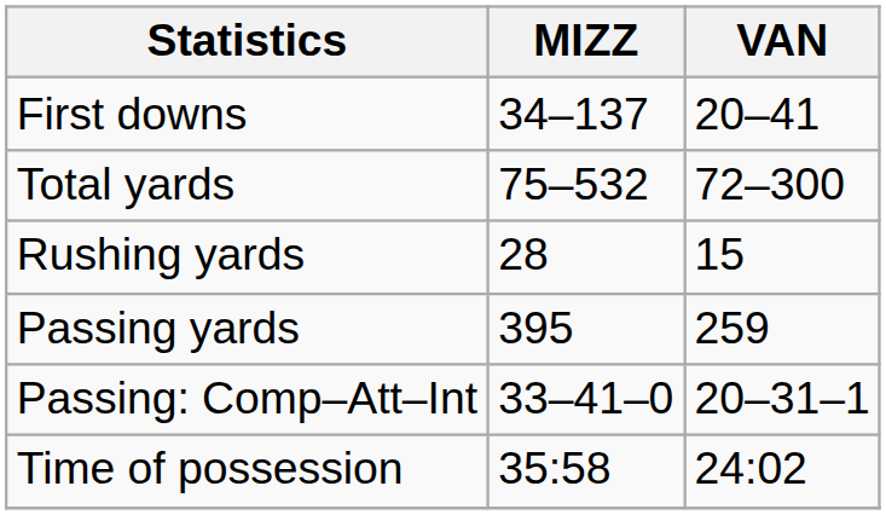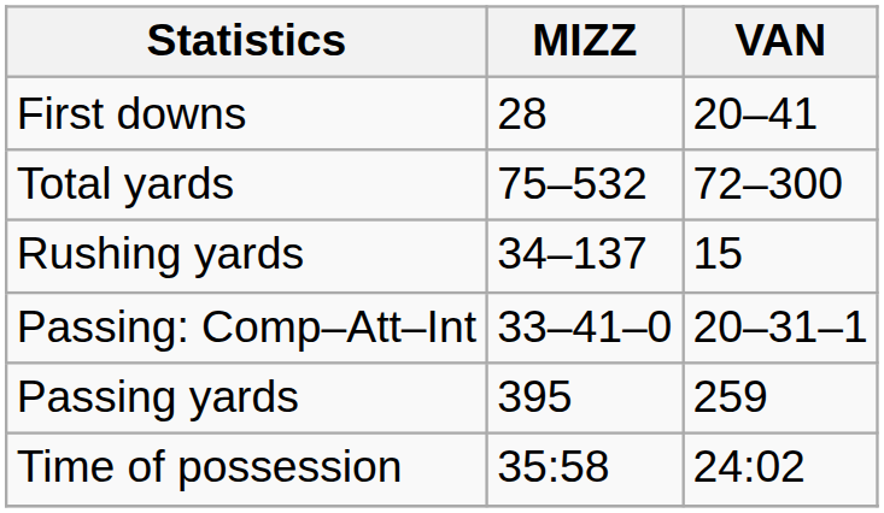 <table class="wikitable" style="float: left;">
 <tr>
 <th>Statistics</th>
 <th>MIZZ</th>
 <th>VAN</th>
 </tr>
 <tr>
 <td>First downs</td>
-<td>34–137</td>
+<td>28</td>
 <td>20–41</td>
 </tr>
 <tr>
 <td>Total yards</td>
 <td>75–532</td>
 <td>72–300</td>
 </tr>
 <tr>
 <td>Rushing yards</td>
-<td>28</td>
+<td>34–137</td>
 <td>15</td>
+</tr>
+<tr>
+<td>Passing: Comp–Att–Int</td>
+<td>33–41–0</td>
+<td>20–31–1</td>
 </tr>
 <tr>
 <td>Passing yards</td>
 <td>395</td>
 <td>259</td>
-</tr>
-<tr>
-<td>Passing: Comp–Att–Int</td>
-<td>33–41–0</td>
-<td>20–31–1</td>
 </tr>
 <tr>
 <td>Time of possession</td>
 <td>35:58</td>
 <td>24:02</td>
 </tr>
 <tr>
 </tr>
 </table>
